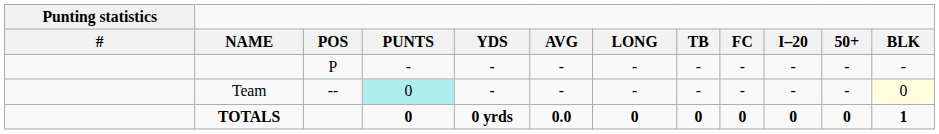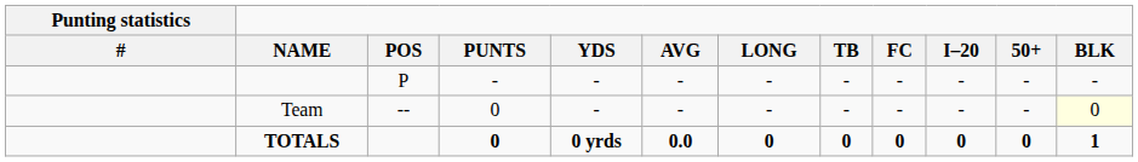 <table style="width:60%; text-align:center;" class="wikitable collapsible collapsed">
 <tr>
 <th style="text-align:center; ">Punting statistics</th>
 </tr>
 <tr>
 <th>#</th>
 <th>NAME</th>
 <th>POS</th>
 <th>PUNTS</th>
 <th>YDS</th>
 <th>AVG</th>
 <th>LONG</th>
 <th>TB</th>
 <th>FC</th>
 <th>I–20</th>
 <th>50+</th>
 <th>BLK</th>
 </tr>
 <tr>
 <td></td>
 <td></td>
 <td>P</td>
 <td>-</td>
 <td>-</td>
 <td>-</td>
 <td>-</td>
 <td>-</td>
 <td>-</td>
 <td>-</td>
 <td>-</td>
 <td>-</td>
 </tr>
 <tr>
 <td></td>
 <td>Team</td>
 <td>--</td>
-<td style="background: paleturquoise;">0</td>
+<td>0</td>
 <td>-</td>
 <td>-</td>
 <td>-</td>
 <td>-</td>
 <td>-</td>
 <td>-</td>
 <td>-</td>
 <td style="background: lightyellow;">0</td>
 </tr>
 <tr>
 <td></td>
 <td><strong>TOTALS</strong></td>
 <td></td>
 <td><strong>0</strong></td>
 <td><strong>0 yrds</strong></td>
 <td><strong>0.0</strong></td>
 <td><strong>0</strong></td>
 <td><strong>0</strong></td>
 <td><strong>0</strong></td>
 <td><strong>0</strong></td>
 <td><strong>0</strong></td>
 <td><strong>1</strong></td>
 </tr>
 </table>
